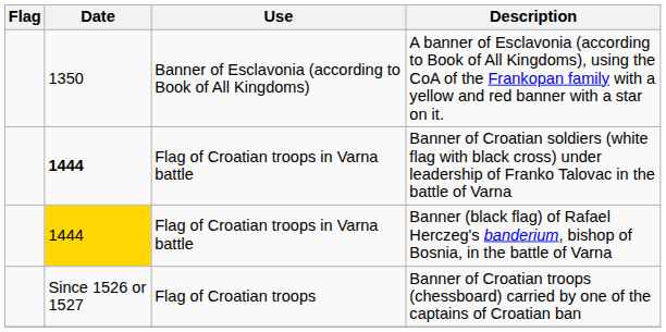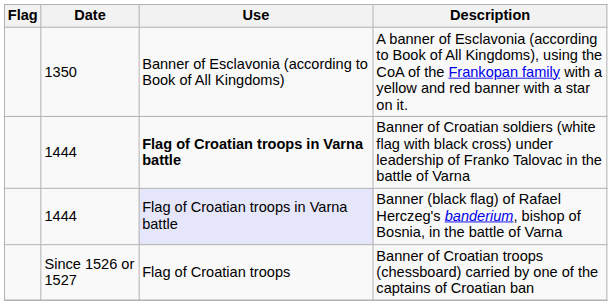 <table class="wikitable">
 <tr>
 <th>Flag</th>
 <th style="width:100px;">Date</th>
 <th style="width:250px;">Use</th>
 <th style="width:250px;">Description</th>
 </tr>
 <tr>
 <td></td>
 <td>1350</td>
 <td>Banner of Esclavonia (according to Book of All Kingdoms)</td>
 <td>A banner of Esclavonia (according to Book of All Kingdoms), using the CoA of the <a href='#'>Frankopan family</a> with a yellow and red banner with a star on it.</td>
 </tr>
 <tr>
 <td></td>
-<td><strong>1444</strong></td>
-<td>Flag of Croatian troops in Varna battle</td>
+<td>1444</td>
+<td><strong>Flag of Croatian troops in Varna battle</strong></td>
 <td>Banner of Croatian soldiers (white flag with black cross) under leadership of Franko Talovac in the battle of Varna</td>
 </tr>
 <tr>
 <td></td>
-<td style="background: gold;">1444</td>
-<td>Flag of Croatian troops in Varna battle</td>
+<td>1444</td>
+<td style="background: lavender;">Flag of Croatian troops in Varna battle</td>
 <td>Banner (black flag) of Rafael Herczeg's <em><a href='#'>banderium</a></em>, bishop of Bosnia, in the battle of Varna</td>
 </tr>
 <tr>
 <td></td>
 <td>Since 1526 or 1527</td>
 <td>Flag of Croatian troops</td>
 <td>Banner of Croatian troops (chessboard) carried by one of the captains of Croatian ban</td>
 </tr>
 <tr>
 </tr>
 </table>
